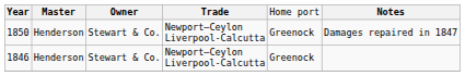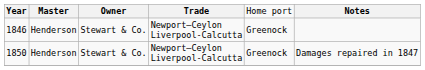 <table class="sortable wikitable">
 <tr>
 <th>Year</th>
 <th>Master</th>
 <th>Owner</th>
 <th>Trade</th>
 <td>Home port</td>
 <th>Notes</th>
 </tr>
 <tr>
+<td>1846</td>
+<td>Henderson</td>
+<td>Stewart & Co.</td>
+<td>Newport–Ceylon<br>Liverpool-Calcutta</td>
+<td>Greenock</td>
+<td></td>
+</tr>
+<tr>
 <td>1850</td>
 <td>Henderson</td>
 <td>Stewart & Co.</td>
 <td>Newport–Ceylon<br>Liverpool-Calcutta</td>
 <td>Greenock</td>
 <td>Damages repaired in 1847</td>
 </tr>
 <tr>
-<td>1846</td>
-<td>Henderson</td>
-<td>Stewart & Co.</td>
-<td>Newport–Ceylon<br>Liverpool-Calcutta</td>
-<td>Greenock</td>
-<td></td>
-</tr>
-<tr>
 </tr>
 </table>
